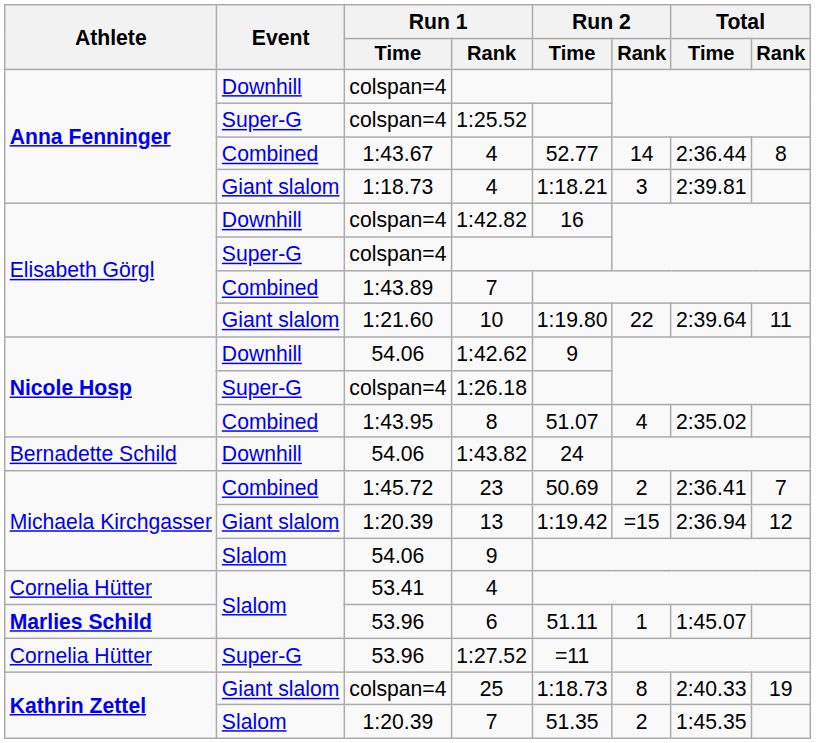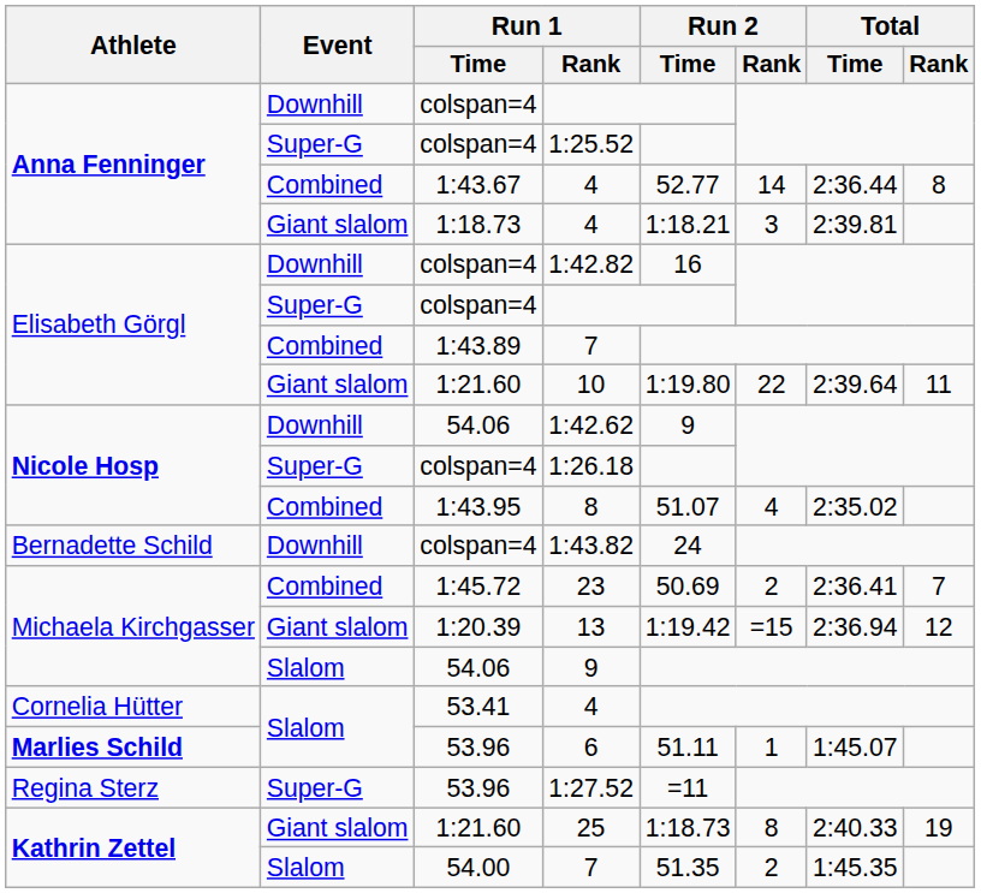 <table class="wikitable" style="font-size:90%">
 <tr>
 <th rowspan=2>Athlete</th>
 <th rowspan=2>Event</th>
 <th colspan=2>Run 1</th>
 <th colspan=2>Run 2</th>
 <th colspan=2>Total</th>
 </tr>
 <tr style="font-size:95%">
 <th>Time</th>
 <th>Rank</th>
 <th>Time</th>
 <th>Rank</th>
 <th>Time</th>
 <th>Rank</th>
 </tr>
 <tr align=center>
 <td align=left rowspan=4><strong><a href='#'>Anna Fenninger</a></strong></td>
 <td align=left><a href='#'>Downhill</a></td>
 <td>colspan=4 </td>
 <td colspan=2></td>
 </tr>
 <tr align=center>
 <td align=left><a href='#'>Super-G</a></td>
 <td>colspan=4 </td>
 <td>1:25.52</td>
 <td></td>
 </tr>
 <tr align=center>
 <td align=left><a href='#'>Combined</a></td>
 <td>1:43.67</td>
 <td>4</td>
 <td>52.77</td>
 <td>14</td>
 <td>2:36.44</td>
 <td>8</td>
 </tr>
 <tr align=center>
 <td align=left><a href='#'>Giant slalom</a></td>
 <td>1:18.73</td>
 <td>4</td>
 <td>1:18.21</td>
 <td>3</td>
 <td>2:39.81</td>
 <td></td>
 </tr>
 <tr align=center>
 <td align=left rowspan=4><a href='#'>Elisabeth Görgl</a></td>
 <td align=left><a href='#'>Downhill</a></td>
 <td>colspan=4 </td>
 <td>1:42.82</td>
 <td>16</td>
 </tr>
 <tr align=center>
 <td align=left><a href='#'>Super-G</a></td>
 <td>colspan=4 </td>
 <td colspan=2></td>
 </tr>
 <tr align=center>
 <td align=left><a href='#'>Combined</a></td>
 <td>1:43.89</td>
 <td>7</td>
 <td colspan=4></td>
 </tr>
 <tr align=center>
 <td align=left><a href='#'>Giant slalom</a></td>
 <td>1:21.60</td>
 <td>10</td>
 <td>1:19.80</td>
 <td>22</td>
 <td>2:39.64</td>
 <td>11</td>
 </tr>
 <tr align=center>
 <td align=left rowspan=3><strong><a href='#'>Nicole Hosp</a></strong></td>
 <td align=left><a href='#'>Downhill</a></td>
 <td>54.06</td>
 <td>1:42.62</td>
 <td>9</td>
 </tr>
 <tr align=center>
 <td align=left><a href='#'>Super-G</a></td>
 <td>colspan=4 </td>
 <td>1:26.18</td>
 <td></td>
 </tr>
 <tr align=center>
 <td align=left><a href='#'>Combined</a></td>
 <td>1:43.95</td>
 <td>8</td>
 <td>51.07</td>
 <td>4</td>
 <td>2:35.02</td>
 <td></td>
 </tr>
 <tr align=center>
 <td align=left><a href='#'>Bernadette Schild</a></td>
 <td align=left><a href='#'>Downhill</a></td>
-<td>54.06</td>
+<td>colspan=4 </td>
 <td>1:43.82</td>
 <td>24</td>
 </tr>
 <tr align=center>
 <td align=left rowspan=3><a href='#'>Michaela Kirchgasser</a></td>
 <td align=left><a href='#'>Combined</a></td>
 <td>1:45.72</td>
 <td>23</td>
 <td>50.69</td>
 <td>2</td>
 <td>2:36.41</td>
 <td>7</td>
 </tr>
 <tr align=center>
 <td align=left><a href='#'>Giant slalom</a></td>
 <td>1:20.39</td>
 <td>13</td>
 <td>1:19.42</td>
 <td>=15</td>
 <td>2:36.94</td>
 <td>12</td>
 </tr>
 <tr align=center>
 <td align=left><a href='#'>Slalom</a></td>
 <td>54.06</td>
 <td>9</td>
 <td colspan=4></td>
 </tr>
 <tr align=center>
 <td align=left><a href='#'>Cornelia Hütter</a></td>
 <td align=left rowspan=2><a href='#'>Slalom</a></td>
 <td>53.41</td>
 <td>4</td>
 <td colspan=4></td>
 </tr>
 <tr align=center>
 <td align=left><strong><a href='#'>Marlies Schild</a></strong></td>
 <td>53.96</td>
 <td>6</td>
 <td>51.11</td>
 <td>1</td>
 <td>1:45.07</td>
 <td></td>
 </tr>
 <tr align=center>
-<td align=left><a href='#'>Cornelia Hütter</a></td>
+<td align=left><a href='#'>Regina Sterz</a></td>
 <td align=left><a href='#'>Super-G</a></td>
 <td>53.96</td>
 <td>1:27.52</td>
 <td>=11</td>
 </tr>
 <tr align=center>
 <td align=left rowspan=2><strong><a href='#'>Kathrin Zettel</a></strong></td>
 <td align=left><a href='#'>Giant slalom</a></td>
-<td>colspan=4 </td>
+<td>1:21.60</td>
 <td>25</td>
 <td>1:18.73</td>
 <td>8</td>
 <td>2:40.33</td>
 <td>19</td>
 </tr>
 <tr align=center>
 <td align=left><a href='#'>Slalom</a></td>
-<td>1:20.39</td>
+<td>54.00</td>
 <td>7</td>
 <td>51.35</td>
 <td>2</td>
 <td>1:45.35</td>
 <td></td>
 </tr>
 </table>
